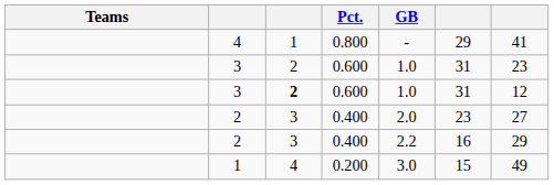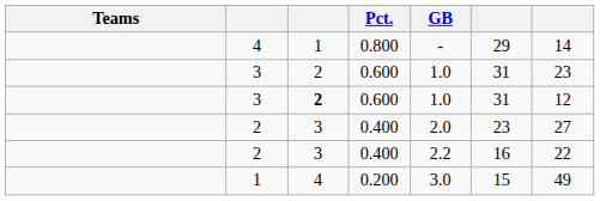 <table class="wikitable" style="text-align:center;">
 <tr>
 <th width=200px>Teams</th>
 <th width=50px></th>
 <th width=50px></th>
 <th width=50px><a href='#'>Pct.</a></th>
 <th width=50px><a href='#'>GB</a></th>
 <th width=50px></th>
 <th width=50px></th>
 </tr>
 <tr style="background-color:">
 <td align="left"></td>
 <td>4</td>
 <td>1</td>
 <td>0.800</td>
 <td>-</td>
 <td>29</td>
-<td>41</td>
+<td>14</td>
 </tr>
 <tr style="background-color:">
 <td align="left"></td>
 <td>3</td>
 <td>2</td>
 <td>0.600</td>
 <td>1.0</td>
 <td>31</td>
 <td>23</td>
 </tr>
 <tr style="background-color:">
 <td align="left"></td>
 <td>3</td>
 <td><strong>2</strong></td>
 <td>0.600</td>
 <td>1.0</td>
 <td>31</td>
 <td>12</td>
 </tr>
 <tr style="background-color:">
 <td align="left"></td>
 <td>2</td>
 <td>3</td>
 <td>0.400</td>
 <td>2.0</td>
 <td>23</td>
 <td>27</td>
 </tr>
 <tr style="background-color:">
 <td align="left"></td>
 <td>2</td>
 <td>3</td>
 <td>0.400</td>
 <td>2.2</td>
 <td>16</td>
-<td>29</td>
+<td>22</td>
 </tr>
 <tr style="background-color:">
 <td align="left"></td>
 <td>1</td>
 <td>4</td>
 <td>0.200</td>
 <td>3.0</td>
 <td>15</td>
 <td>49</td>
 </tr>
 </table>
